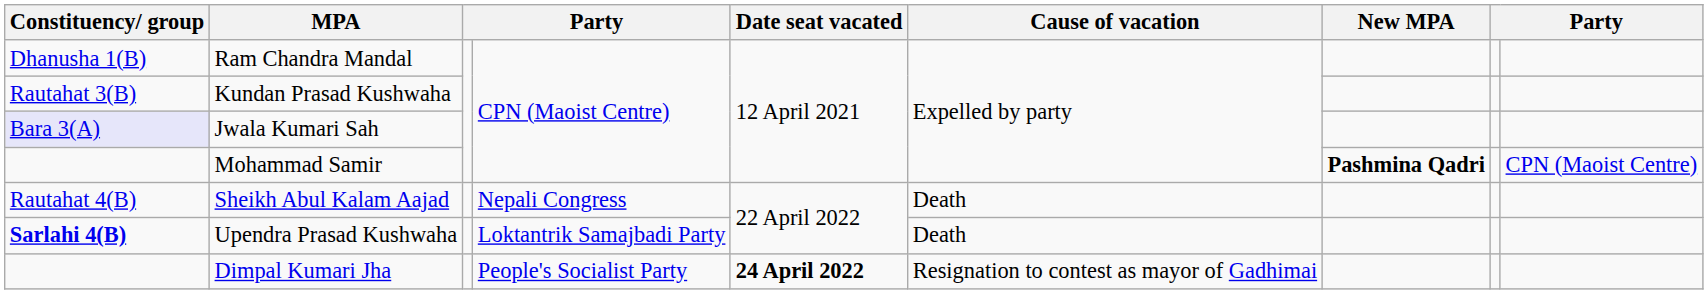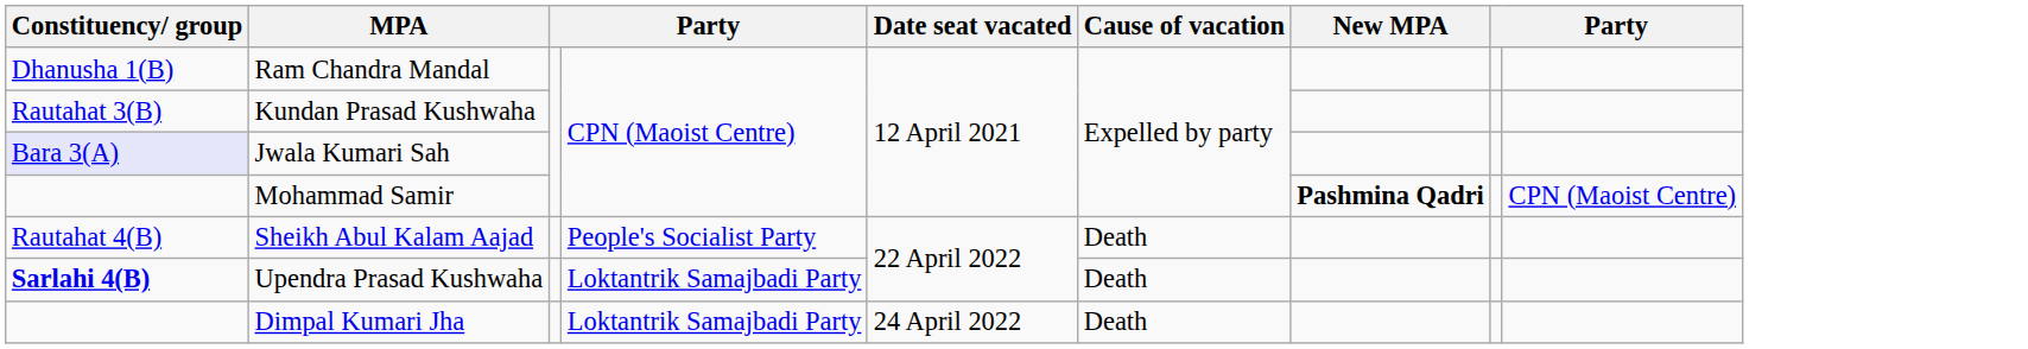 <table class="wikitable">
 <tr>
 <th>Constituency/ group</th>
 <th>MPA</th>
 <th colspan="2">Party</th>
 <th>Date seat vacated</th>
 <th>Cause of vacation</th>
 <th>New MPA</th>
 <th colspan="2">Party</th>
 </tr>
 <tr>
 <td><a href='#'>Dhanusha 1(B)</a></td>
 <td>Ram Chandra Mandal</td>
 <td rowspan="4"></td>
 <td rowspan="4"><a href='#'>CPN (Maoist Centre)</a></td>
 <td rowspan="4">12 April 2021</td>
 <td rowspan="4">Expelled by party</td>
 <td></td>
 <td></td>
 <td></td>
 </tr>
 <tr>
 <td><a href='#'>Rautahat 3(B)</a></td>
 <td>Kundan Prasad Kushwaha</td>
 <td></td>
 <td></td>
 <td></td>
 </tr>
 <tr>
 <td style="background: lavender;"><a href='#'>Bara 3(A)</a></td>
 <td>Jwala Kumari Sah</td>
 <td></td>
 <td></td>
 <td></td>
 </tr>
 <tr>
 <td></td>
 <td>Mohammad Samir</td>
 <td><strong>Pashmina Qadri</strong></td>
 <td></td>
 <td><a href='#'>CPN (Maoist Centre)</a></td>
 </tr>
 <tr>
 <td><a href='#'>Rautahat 4(B)</a></td>
 <td><a href='#'>Sheikh Abul Kalam Aajad</a></td>
 <td></td>
-<td><a href='#'>Nepali Congress</a></td>
+<td><a href='#'>People's Socialist Party</a></td>
 <td rowspan="2">22 April 2022</td>
 <td>Death</td>
 <td></td>
 <td></td>
 <td></td>
 </tr>
 <tr>
 <td><strong><a href='#'>Sarlahi 4(B)</a></strong></td>
 <td>Upendra Prasad Kushwaha</td>
 <td></td>
 <td><a href='#'>Loktantrik Samajbadi Party</a></td>
 <td>Death</td>
 <td></td>
 <td></td>
 <td></td>
 </tr>
 <tr>
 <td></td>
 <td><a href='#'>Dimpal Kumari Jha</a></td>
 <td></td>
-<td><a href='#'>People's Socialist Party</a></td>
-<td><strong>24 April 2022</strong></td>
-<td>Resignation to contest as mayor of <a href='#'>Gadhimai</a></td>
+<td><a href='#'>Loktantrik Samajbadi Party</a></td>
+<td>24 April 2022</td>
+<td>Death</td>
 <td></td>
 <td></td>
 <td></td>
 </tr>
 </table>
